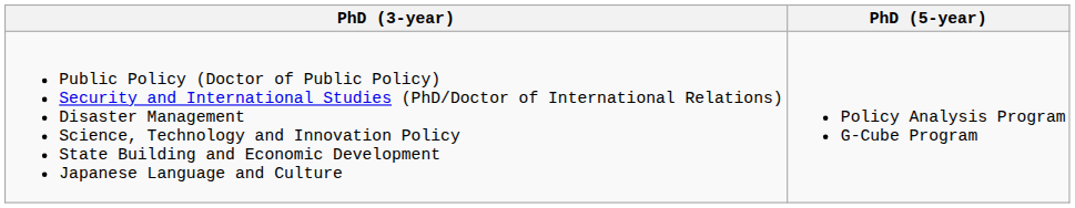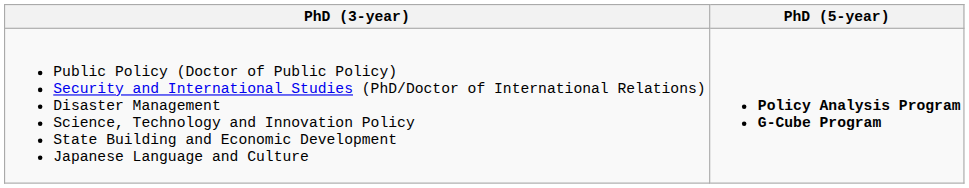 <table class="wikitable">
 <tr>
 <th>PhD (3-year)</th>
 <th>PhD (5-year)</th>
 </tr>
 <tr>
 <td><br><ul><li>Public Policy (Doctor of Public Policy)</li><li><a href='#'>Security and International Studies</a> (PhD/Doctor of International Relations)</li><li>Disaster Management</li><li>Science, Technology and Innovation Policy</li><li>State Building and Economic Development</li><li>Japanese Language and Culture</li></ul></td>
-<td><br><ul><li>Policy Analysis Program</li><li>G-Cube Program</li></ul></td>
+<td><strong><br><ul><li>Policy Analysis Program</li><li>G-Cube Program</li></ul></strong></td>
 </tr>
 </table>
